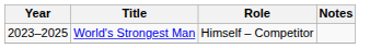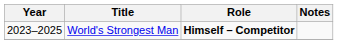 <table class="wikitable sortable">
 <tr>
 <th>Year</th>
 <th>Title</th>
 <th>Role</th>
 <th>Notes</th>
 </tr>
 <tr>
 <td>2023–2025</td>
 <td><a href='#'>World's Strongest Man</a></td>
-<td>Himself – Competitor</td>
+<td><strong>Himself – Competitor</strong></td>
 <td></td>
 </tr>
 <tr>
 </tr>
 </table>
